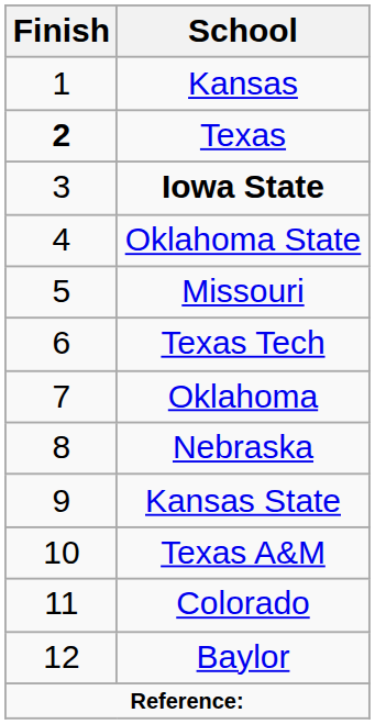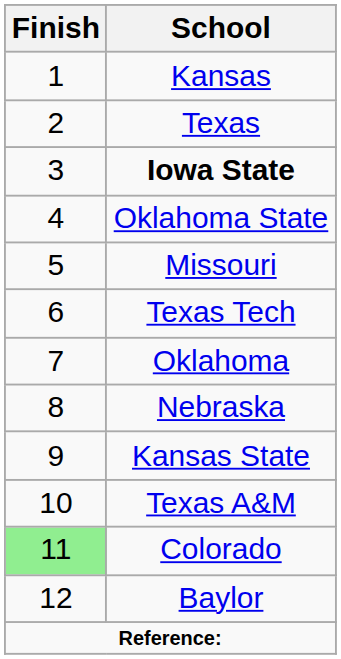 <table class="wikitable" style="text-align: center">
 <tr align=center>
 <th>Finish</th>
 <th>School</th>
 </tr>
 <tr>
 <td>1</td>
 <td><a href='#'>Kansas</a></td>
 </tr>
 <tr>
-<td><strong>2</strong></td>
+<td>2</td>
 <td><a href='#'>Texas</a></td>
 </tr>
 <tr>
 <td>3</td>
 <td><strong>Iowa State</strong></td>
 </tr>
 <tr>
 <td>4</td>
 <td><a href='#'>Oklahoma State</a></td>
 </tr>
 <tr>
 <td>5</td>
 <td><a href='#'>Missouri</a></td>
 </tr>
 <tr>
 <td>6</td>
 <td><a href='#'>Texas Tech</a></td>
 </tr>
 <tr>
 <td>7</td>
 <td><a href='#'>Oklahoma</a></td>
 </tr>
 <tr>
 <td>8</td>
 <td><a href='#'>Nebraska</a></td>
 </tr>
 <tr>
 <td>9</td>
 <td><a href='#'>Kansas State</a></td>
 </tr>
 <tr>
 <td>10</td>
 <td><a href='#'>Texas A&M</a></td>
 </tr>
 <tr>
-<td>11</td>
+<td style="background: lightgreen;">11</td>
 <td><a href='#'>Colorado</a></td>
 </tr>
 <tr>
 <td>12</td>
 <td><a href='#'>Baylor</a></td>
 </tr>
 <tr>
 <td colspan="6"  style="font-size:8pt; text-align:center;"><strong>Reference:</strong></td>
 </tr>
 </table>
